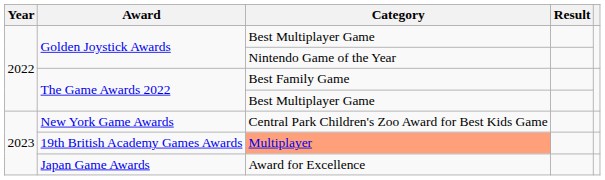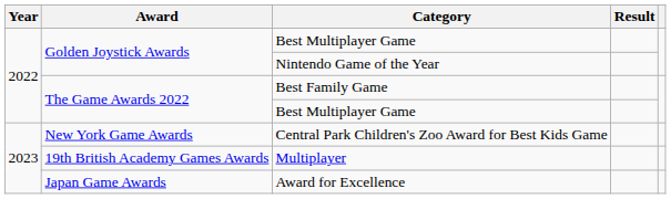 <table class="wikitable sortable">
 <tr>
 <th scope="col">Year</th>
 <th scope="col">Award</th>
 <th scope="col">Category</th>
 <th scope="col">Result</th>
 <th scope="col" class="unsortable"></th>
 </tr>
 <tr>
 <td style="text-align:center;" rowspan="4">2022</td>
 <td rowspan="2"><a href='#'>Golden Joystick Awards</a></td>
 <td>Best Multiplayer Game</td>
 <td></td>
 <td style="text-align:center;" rowspan="2"></td>
 </tr>
 <tr>
 <td>Nintendo Game of the Year</td>
 <td></td>
 </tr>
 <tr>
 <td rowspan="2"><a href='#'>The Game Awards 2022</a></td>
 <td>Best Family Game</td>
 <td></td>
 <td rowspan="2" style="text-align:center;"></td>
 </tr>
 <tr>
 <td>Best Multiplayer Game</td>
 <td></td>
 </tr>
 <tr>
 <td style="text-align:center;" rowspan="3">2023</td>
 <td><a href='#'>New York Game Awards</a></td>
 <td>Central Park Children's Zoo Award for Best Kids Game</td>
 <td></td>
 <td style="text-align:center;"></td>
 </tr>
 <tr>
 <td><a href='#'>19th British Academy Games Awards</a></td>
-<td style="background: lightsalmon;"><a href='#'>Multiplayer</a></td>
+<td><a href='#'>Multiplayer</a></td>
 <td></td>
 <td style="text-align:center;"></td>
 </tr>
 <tr>
 <td><a href='#'>Japan Game Awards</a></td>
 <td>Award for Excellence</td>
 <td></td>
 <td style="text-align:center;"></td>
 </tr>
 </table>
